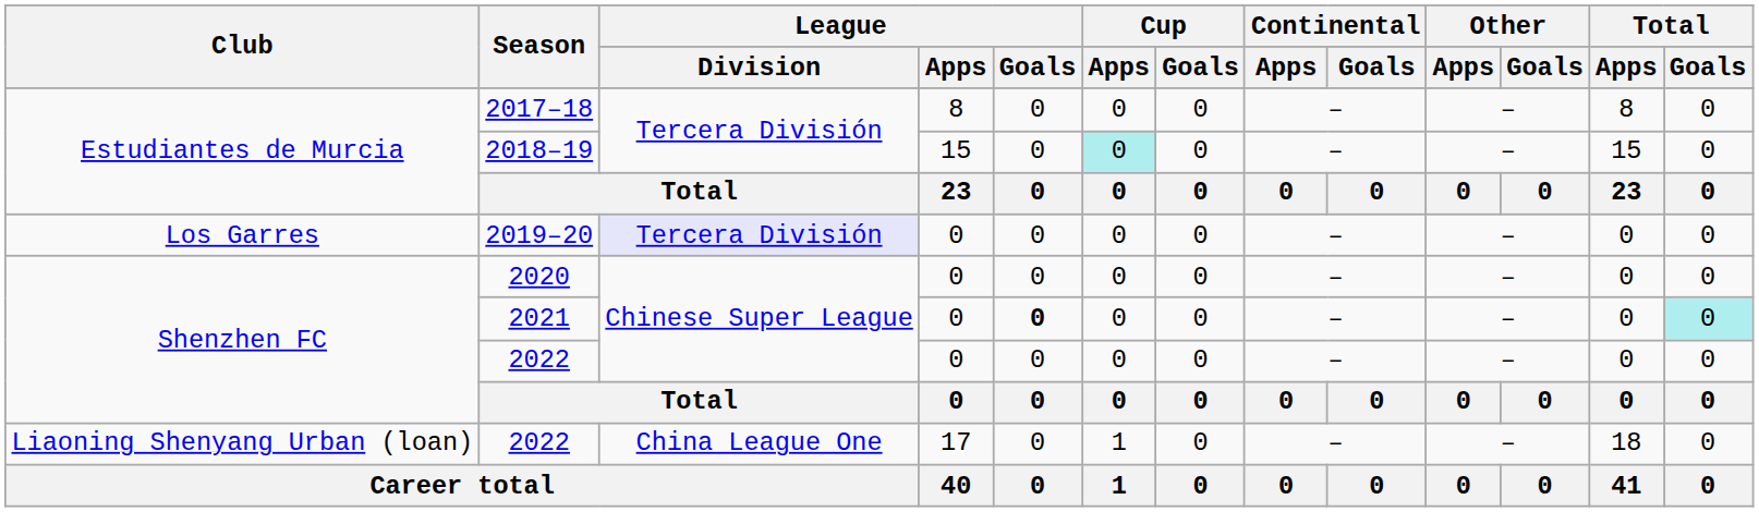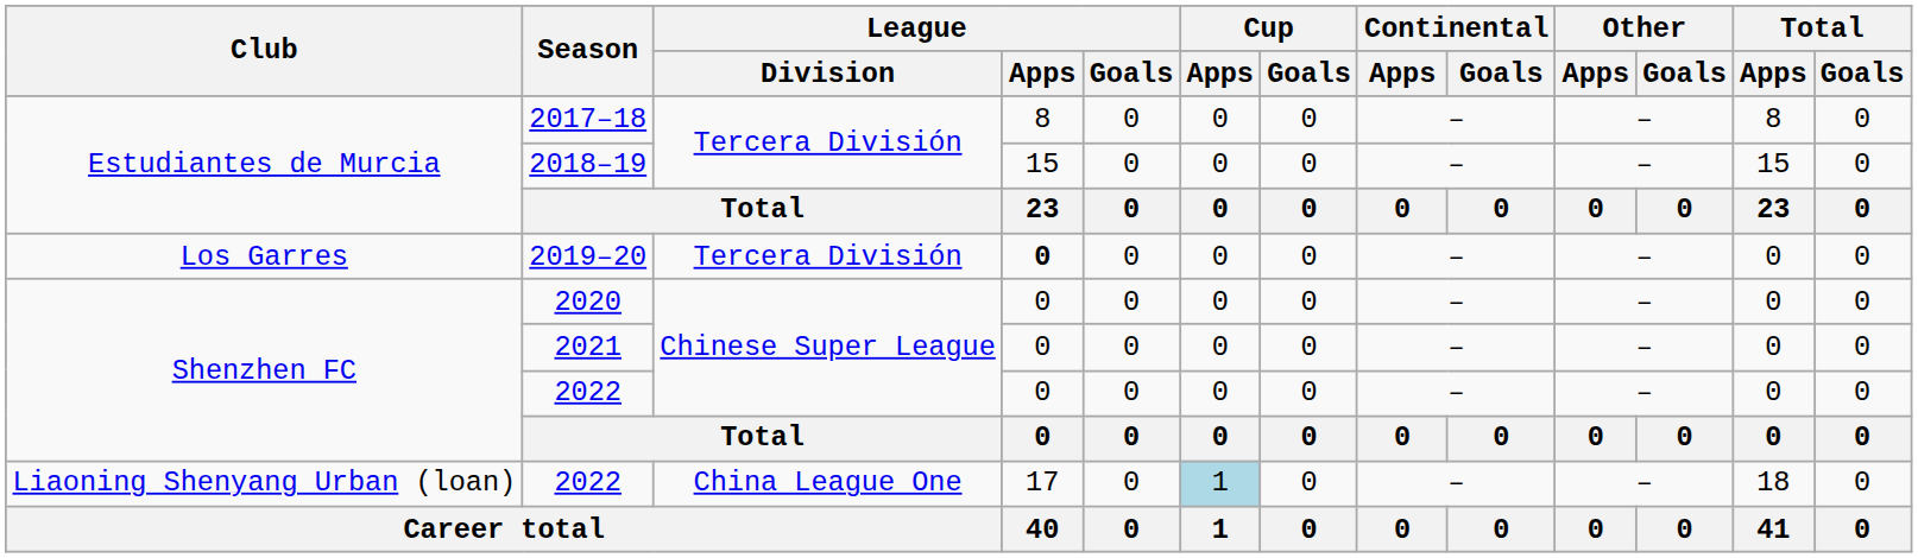 <table class="wikitable" style="text-align: center">
 <tr>
 <th rowspan="2">Club</th>
 <th rowspan="2">Season</th>
 <th colspan="3">League</th>
 <th colspan="2">Cup</th>
 <th colspan="2">Continental</th>
 <th colspan="2">Other</th>
 <th colspan="2">Total</th>
 </tr>
 <tr>
 <th>Division</th>
 <th>Apps</th>
 <th>Goals</th>
 <th>Apps</th>
 <th>Goals</th>
 <th>Apps</th>
 <th>Goals</th>
 <th>Apps</th>
 <th>Goals</th>
 <th>Apps</th>
 <th>Goals</th>
 </tr>
 <tr>
 <td rowspan="3"><a href='#'>Estudiantes de Murcia</a></td>
 <td><a href='#'>2017–18</a></td>
 <td rowspan="2"><a href='#'>Tercera División</a></td>
 <td>8</td>
 <td>0</td>
 <td>0</td>
 <td>0</td>
 <td colspan="2">–</td>
 <td colspan="2">–</td>
 <td>8</td>
 <td>0</td>
 </tr>
 <tr>
 <td><a href='#'>2018–19</a></td>
 <td>15</td>
 <td>0</td>
-<td style="background: paleturquoise;">0</td>
+<td>0</td>
 <td>0</td>
 <td colspan="2">–</td>
 <td colspan="2">–</td>
 <td>15</td>
 <td>0</td>
 </tr>
 <tr>
 <th colspan=2>Total</th>
 <th>23</th>
 <th>0</th>
 <th>0</th>
 <th>0</th>
 <th>0</th>
 <th>0</th>
 <th>0</th>
 <th>0</th>
 <th>23</th>
 <th>0</th>
 </tr>
 <tr>
 <td><a href='#'>Los Garres</a></td>
 <td><a href='#'>2019–20</a></td>
-<td style="background: lavender;"><a href='#'>Tercera División</a></td>
-<td>0</td>
+<td><a href='#'>Tercera División</a></td>
+<td><strong>0</strong></td>
 <td>0</td>
 <td>0</td>
 <td>0</td>
 <td colspan="2">–</td>
 <td colspan="2">–</td>
 <td>0</td>
 <td>0</td>
 </tr>
 <tr>
 <td rowspan="4"><a href='#'>Shenzhen FC</a></td>
 <td><a href='#'>2020</a></td>
 <td rowspan="3"><a href='#'>Chinese Super League</a></td>
 <td>0</td>
 <td>0</td>
 <td>0</td>
 <td>0</td>
 <td colspan="2">–</td>
 <td colspan="2">–</td>
 <td>0</td>
 <td>0</td>
 </tr>
 <tr>
 <td><a href='#'>2021</a></td>
 <td>0</td>
-<td><strong>0</strong></td>
+<td>0</td>
 <td>0</td>
 <td>0</td>
 <td colspan="2">–</td>
 <td colspan="2">–</td>
 <td>0</td>
-<td style="background: paleturquoise;">0</td>
+<td>0</td>
 </tr>
 <tr>
 <td><a href='#'>2022</a></td>
 <td>0</td>
 <td>0</td>
 <td>0</td>
 <td>0</td>
 <td colspan="2">–</td>
 <td colspan="2">–</td>
 <td>0</td>
 <td>0</td>
 </tr>
 <tr>
 <th colspan=2>Total</th>
 <th>0</th>
 <th>0</th>
 <th>0</th>
 <th>0</th>
 <th>0</th>
 <th>0</th>
 <th>0</th>
 <th>0</th>
 <th>0</th>
 <th>0</th>
 </tr>
 <tr>
 <td><a href='#'>Liaoning Shenyang Urban</a> (loan)</td>
 <td><a href='#'>2022</a></td>
 <td><a href='#'>China League One</a></td>
 <td>17</td>
 <td>0</td>
-<td>1</td>
+<td style="background: lightblue;">1</td>
 <td>0</td>
 <td colspan="2">–</td>
 <td colspan="2">–</td>
 <td>18</td>
 <td>0</td>
 </tr>
 <tr>
 <th colspan=3>Career total</th>
 <th>40</th>
 <th>0</th>
 <th>1</th>
 <th>0</th>
 <th>0</th>
 <th>0</th>
 <th>0</th>
 <th>0</th>
 <th>41</th>
 <th>0</th>
 </tr>
 </table>
